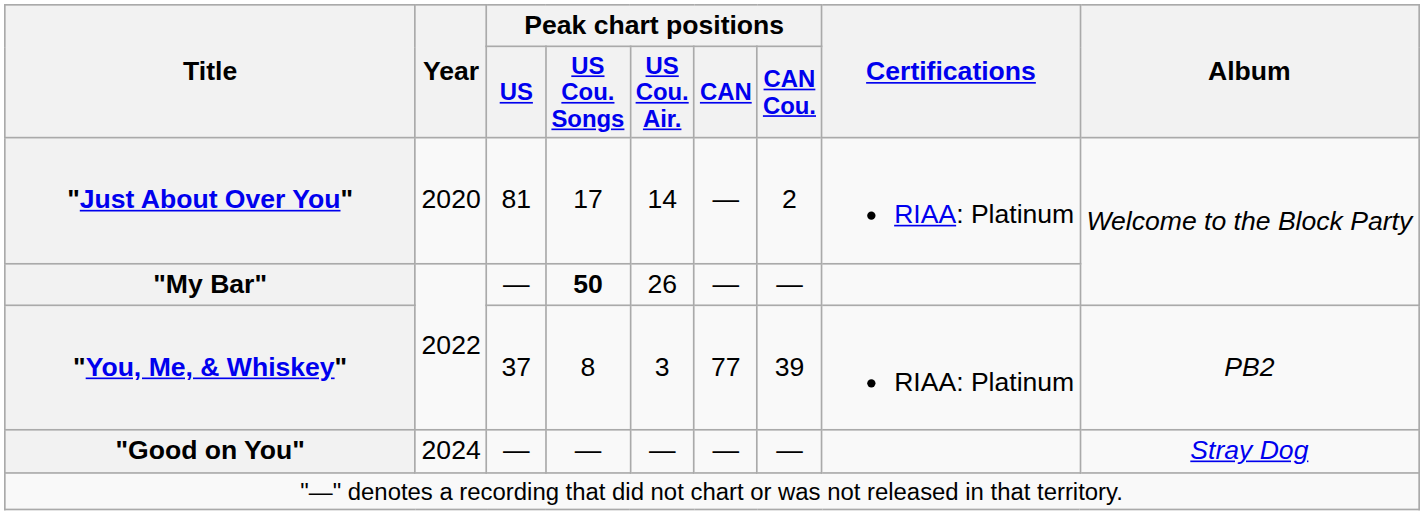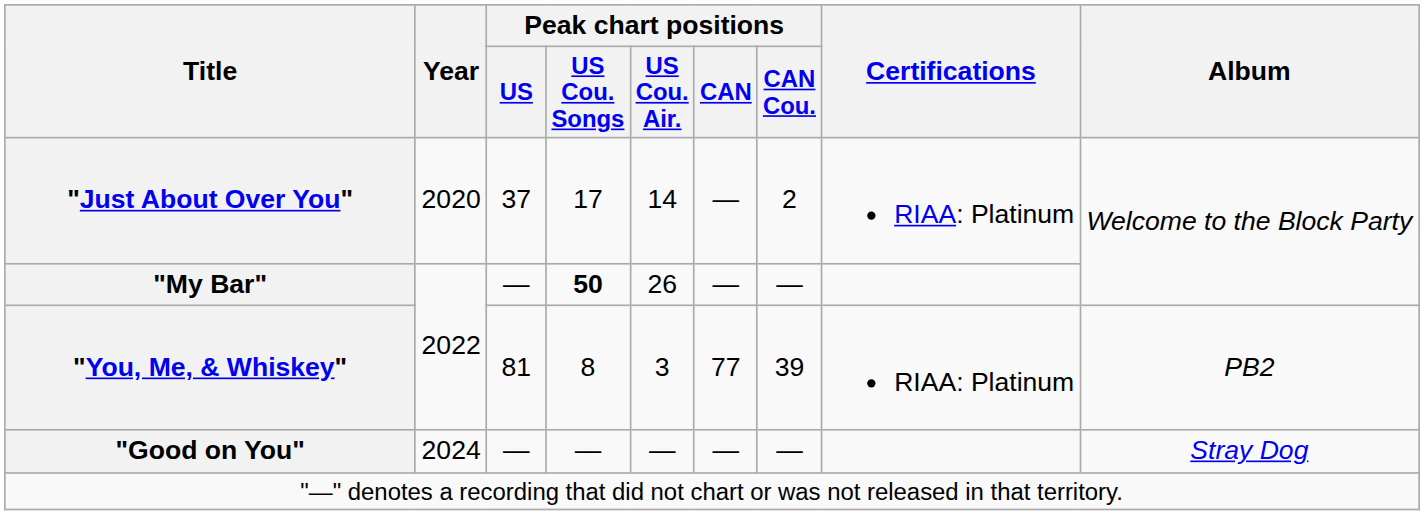 <table class="wikitable plainrowheaders" style="text-align:center;" border="1">
 <tr>
 <th scope="col" rowspan="2" style="width:15em;">Title</th>
 <th scope="col" rowspan="2">Year</th>
 <th scope="col" colspan="5">Peak chart positions</th>
 <th scope="col" rowspan="2"><a href='#'>Certifications</a></th>
 <th scope="col" rowspan="2">Album</th>
 </tr>
 <tr>
 <th scope="col" style="width:2em;font-size:90%;"><a href='#'>US</a><br></th>
 <th scope="col" style="width:2em;font-size:90%;"><a href='#'>US<br>Cou.<br>Songs</a><br></th>
 <th scope="col" style="width:2em;font-size:90%;"><a href='#'>US<br>Cou.<br>Air.</a><br></th>
 <th scope="col" style="width:2em;font-size:90%;"><a href='#'>CAN</a><br></th>
 <th scope="col" style="width:2em;font-size:90%;"><a href='#'>CAN<br>Cou.</a><br></th>
 </tr>
 <tr>
 <th scope="row">"<a href='#'>Just About Over You</a>"</th>
 <td>2020</td>
-<td>81</td>
+<td>37</td>
 <td>17</td>
 <td>14</td>
 <td>—</td>
 <td>2</td>
 <td><br><ul><li><a href='#'>RIAA</a>: Platinum</li></ul></td>
 <td rowspan="2"><em>Welcome to the Block Party</em></td>
 </tr>
 <tr>
 <th scope="row">"My Bar"</th>
 <td rowspan="2">2022</td>
 <td>—</td>
 <td><strong>50</strong></td>
 <td>26</td>
 <td>—</td>
 <td>—</td>
 <td></td>
 </tr>
 <tr>
 <th scope="row">"<a href='#'>You, Me, & Whiskey</a>"<br></th>
-<td>37</td>
+<td>81</td>
 <td>8</td>
 <td>3</td>
 <td>77</td>
 <td>39</td>
 <td><br><ul><li>RIAA: Platinum</li></ul></td>
 <td><em>PB2</em></td>
 </tr>
 <tr>
 <th scope="row">"Good on You"</th>
 <td>2024</td>
 <td>—</td>
 <td>—</td>
 <td>—</td>
 <td>—</td>
 <td>—</td>
 <td></td>
 <td><em><a href='#'>Stray Dog</a></em></td>
 </tr>
 <tr>
 <td colspan="9" style="font-size:90%">"—" denotes a recording that did not chart or was not released in that territory.</td>
 </tr>
 </table>
